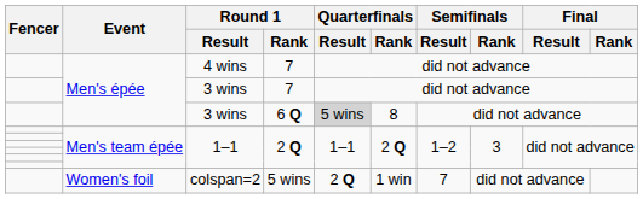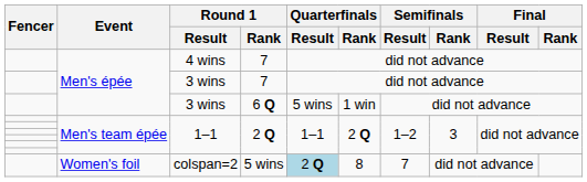 <table class="wikitable sortable" style="text-align:center">
 <tr>
 <th rowspan=2>Fencer</th>
 <th rowspan=2>Event</th>
 <th colspan=2>Round 1</th>
 <th colspan=2>Quarterfinals</th>
 <th colspan=2>Semifinals</th>
 <th colspan=2>Final</th>
 </tr>
 <tr>
 <th>Result</th>
 <th>Rank</th>
 <th>Result</th>
 <th>Rank</th>
 <th>Result</th>
 <th>Rank</th>
 <th>Result</th>
 <th>Rank</th>
 </tr>
 <tr>
 <td align=left></td>
 <td align=left rowspan=3><a href='#'>Men's épée</a></td>
 <td>4 wins</td>
 <td>7</td>
 <td colspan=6>did not advance</td>
 </tr>
 <tr>
 <td align=left></td>
 <td>3 wins</td>
 <td>7</td>
 <td colspan=6>did not advance</td>
 </tr>
 <tr>
 <td align=left></td>
 <td>3 wins</td>
 <td>6 <strong>Q</strong></td>
-<td style="background: lightgrey;">5 wins</td>
-<td>8</td>
+<td>5 wins</td>
+<td>1 win</td>
 <td colspan=4>did not advance</td>
 </tr>
 <tr>
 <td align=left></td>
 <td align=left rowspan=6><a href='#'>Men's team épée</a></td>
 <td rowspan=6>1–1</td>
 <td rowspan=6>2 <strong>Q</strong></td>
 <td rowspan=6>1–1</td>
 <td rowspan=6>2 <strong>Q</strong></td>
 <td rowspan=6>1–2</td>
 <td rowspan=6>3</td>
 <td colspan=2 rowspan=6>did not advance</td>
 </tr>
 <tr>
 <td align=left></td>
 </tr>
 <tr>
 <td align=left></td>
 </tr>
 <tr>
 <td align=left></td>
 </tr>
 <tr>
 <td align=left></td>
 </tr>
 <tr>
 <td align=left></td>
 </tr>
 <tr>
 <td align=left></td>
 <td align=left><a href='#'>Women's foil</a></td>
 <td>colspan=2 </td>
 <td>5 wins</td>
-<td>2 <strong>Q</strong></td>
-<td>1 win</td>
+<td style="background: lightblue;">2 <strong>Q</strong></td>
+<td>8</td>
 <td>7</td>
 <td colspan=2>did not advance</td>
 </tr>
 </table>
